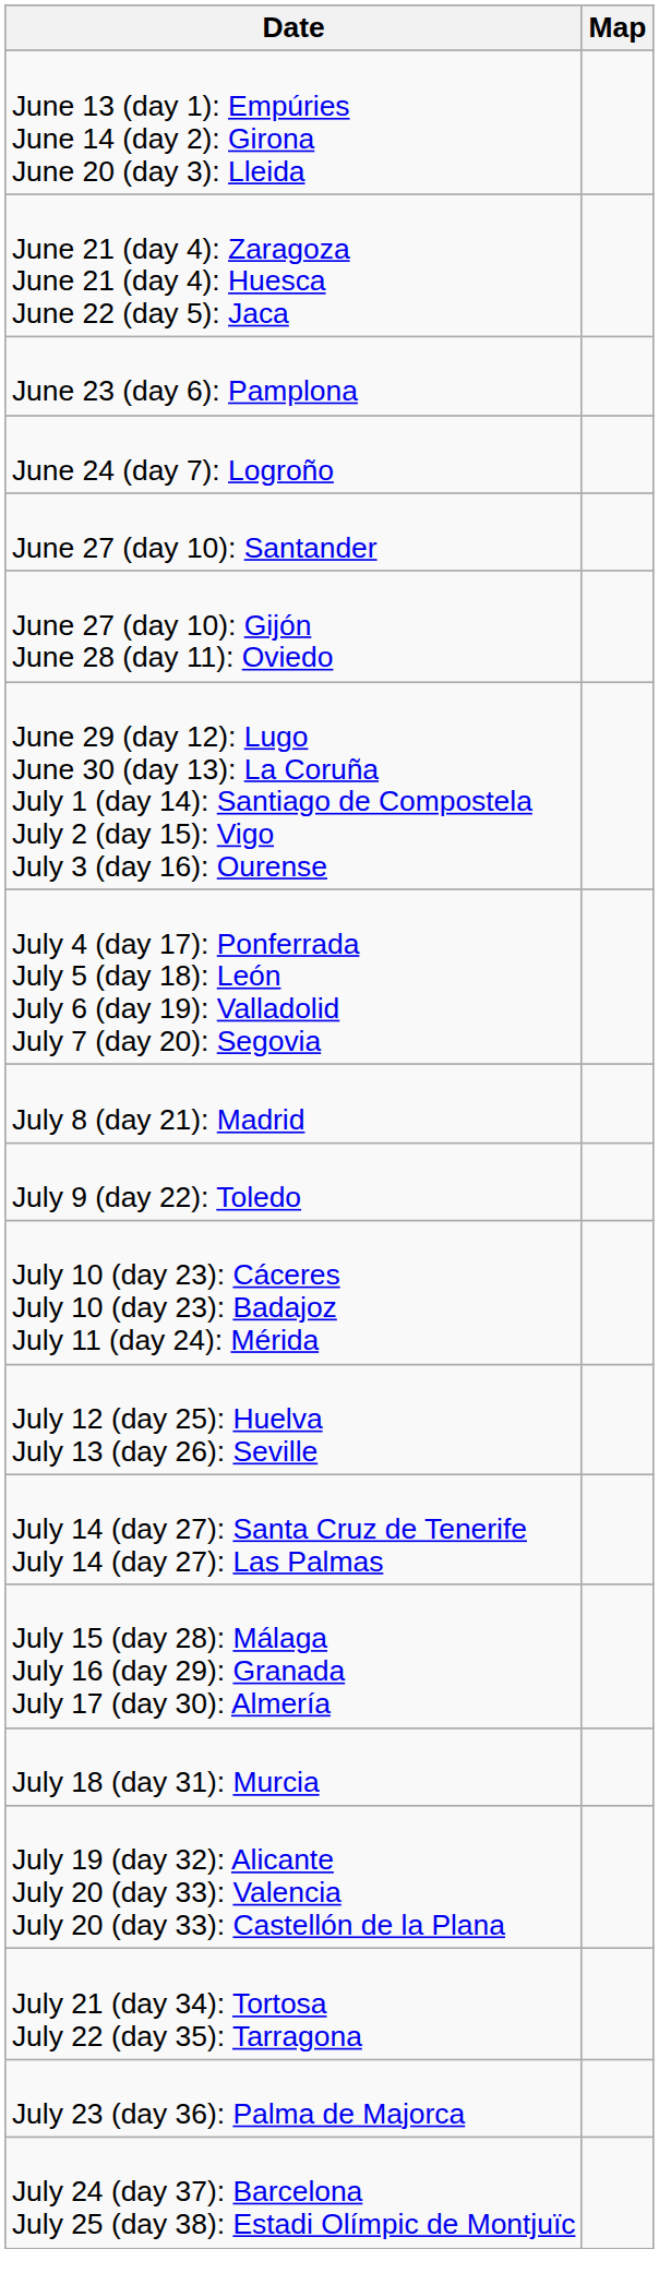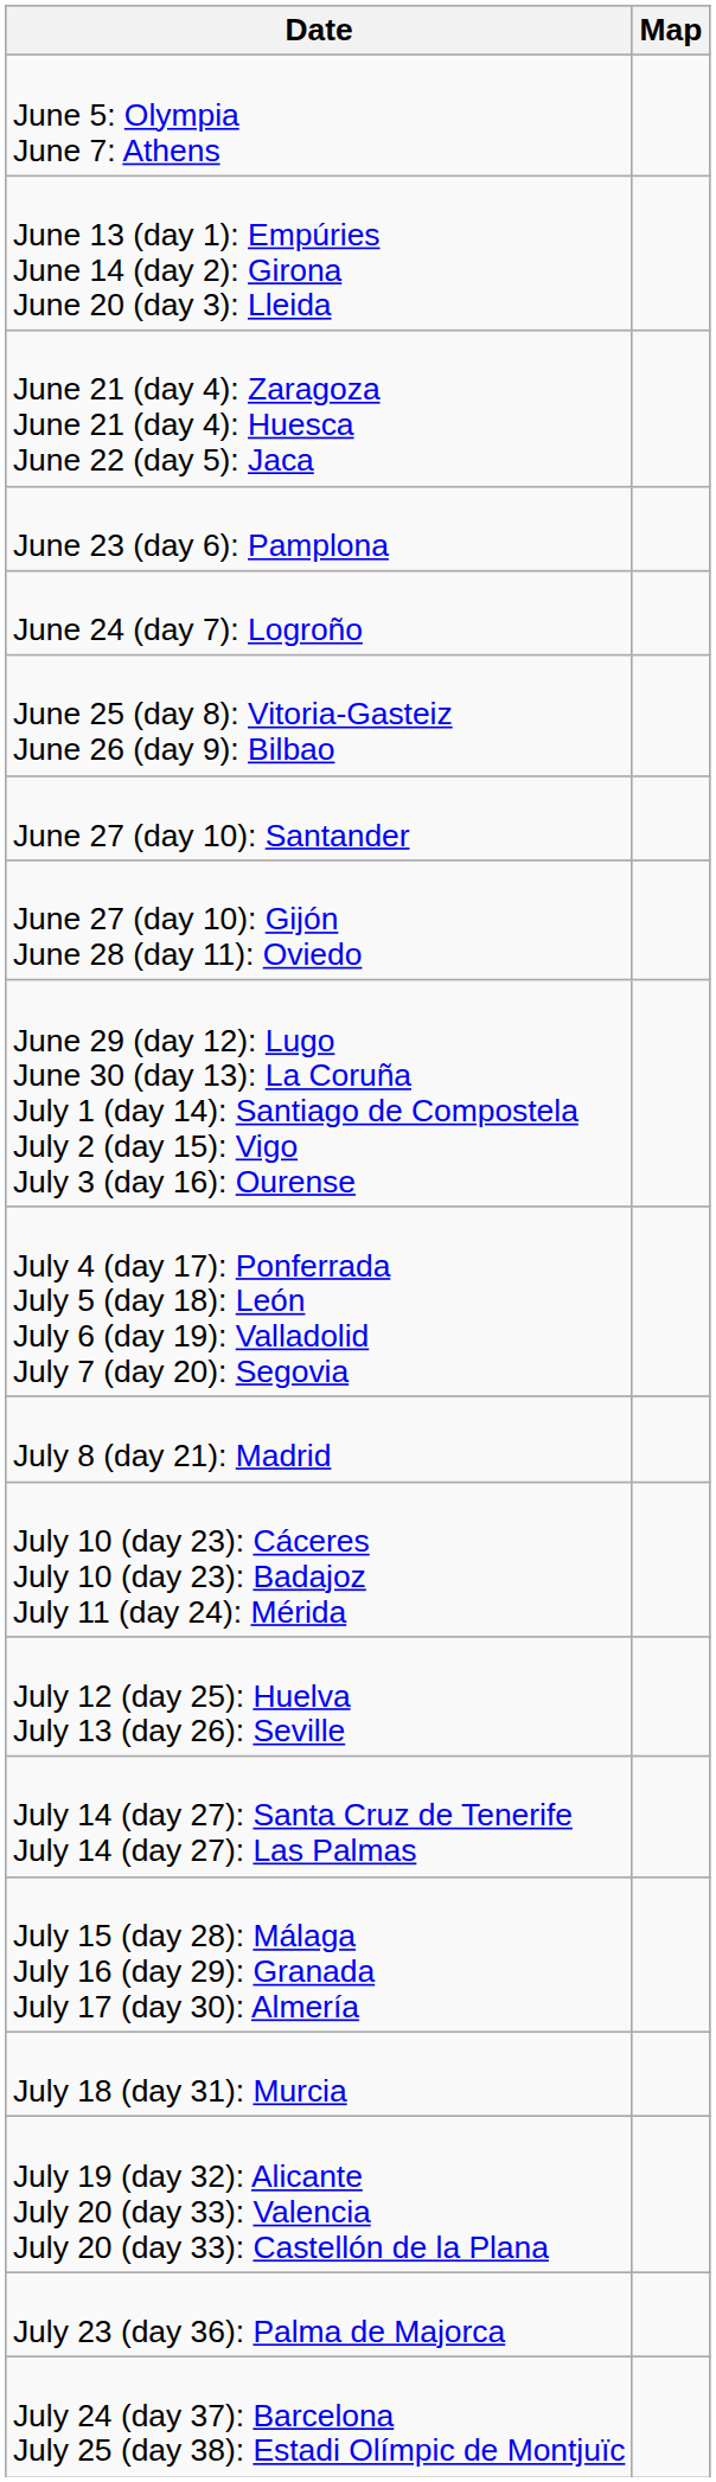 <table class="wikitable">
 <tr>
 <th>Date</th>
 <th>Map</th>
+</tr>
+<tr>
+<td><br>June 5: <a href='#'>Olympia</a><br> June 7: <a href='#'>Athens</a></td>
+<td></td>
 </tr>
 <tr>
 <td><br>June 13 (day 1): <a href='#'>Empúries</a><br> June 14 (day 2): <a href='#'>Girona</a><br> June 20 (day 3): <a href='#'>Lleida</a></td>
 <td></td>
 </tr>
 <tr>
 <td><br>June 21 (day 4): <a href='#'>Zaragoza</a><br> June 21 (day 4): <a href='#'>Huesca</a><br> June 22 (day 5): <a href='#'>Jaca</a></td>
 <td></td>
 </tr>
 <tr>
 <td><br>June 23 (day 6): <a href='#'>Pamplona</a></td>
 <td></td>
 </tr>
 <tr>
 <td><br>June 24 (day 7): <a href='#'>Logroño</a></td>
+<td></td>
+</tr>
+<tr>
+<td><br>June 25 (day 8): <a href='#'>Vitoria-Gasteiz</a><br> June 26 (day 9): <a href='#'>Bilbao</a></td>
 <td></td>
 </tr>
 <tr>
 <td><br>June 27 (day 10): <a href='#'>Santander</a></td>
 <td></td>
 </tr>
 <tr>
 <td><br>June 27 (day 10): <a href='#'>Gijón</a><br> June 28 (day 11): <a href='#'>Oviedo</a></td>
 <td></td>
 </tr>
 <tr>
 <td><br>June 29 (day 12): <a href='#'>Lugo</a><br> June 30 (day 13): <a href='#'>La Coruña</a><br> July 1 (day 14): <a href='#'>Santiago de Compostela</a><br> July 2 (day 15): <a href='#'>Vigo</a><br> July 3 (day 16): <a href='#'>Ourense</a></td>
 <td></td>
 </tr>
 <tr>
 <td><br>July 4 (day 17): <a href='#'>Ponferrada</a><br> July 5 (day 18): <a href='#'>León</a><br> July 6 (day 19): <a href='#'>Valladolid</a><br> July 7 (day 20): <a href='#'>Segovia</a></td>
 <td></td>
 </tr>
 <tr>
 <td><br>July 8 (day 21): <a href='#'>Madrid</a></td>
-<td></td>
-</tr>
-<tr>
-<td><br>July 9 (day 22): <a href='#'>Toledo</a></td>
 <td></td>
 </tr>
 <tr>
 <td><br>July 10 (day 23): <a href='#'>Cáceres</a><br> July 10 (day 23): <a href='#'>Badajoz</a><br> July 11 (day 24): <a href='#'>Mérida</a></td>
 <td></td>
 </tr>
 <tr>
 <td><br>July 12 (day 25): <a href='#'>Huelva</a><br> July 13 (day 26): <a href='#'>Seville</a></td>
 <td></td>
 </tr>
 <tr>
 <td><br>July 14 (day 27): <a href='#'>Santa Cruz de Tenerife</a><br> July 14 (day 27): <a href='#'>Las Palmas</a></td>
 <td></td>
 </tr>
 <tr>
 <td><br>July 15 (day 28): <a href='#'>Málaga</a><br> July 16 (day 29): <a href='#'>Granada</a><br> July 17 (day 30): <a href='#'>Almería</a></td>
 <td></td>
 </tr>
 <tr>
 <td><br>July 18 (day 31): <a href='#'>Murcia</a></td>
 <td></td>
 </tr>
 <tr>
 <td><br>July 19 (day 32): <a href='#'>Alicante</a><br> July 20 (day 33): <a href='#'>Valencia</a><br> July 20 (day 33): <a href='#'>Castellón de la Plana</a></td>
 <td></td>
 </tr>
 <tr>
-<td><br>July 21 (day 34): <a href='#'>Tortosa</a><br> July 22 (day 35): <a href='#'>Tarragona</a></td>
-<td></td>
-</tr>
-<tr>
 <td><br>July 23 (day 36): <a href='#'>Palma de Majorca</a></td>
 <td></td>
 </tr>
 <tr>
 <td><br>July 24 (day 37): <a href='#'>Barcelona</a><br> July 25 (day 38): <a href='#'>Estadi Olímpic de Montjuïc</a></td>
 <td></td>
 </tr>
 </table>
